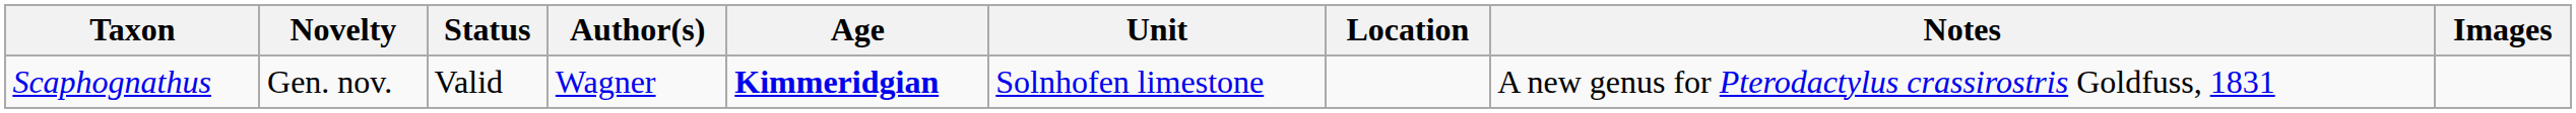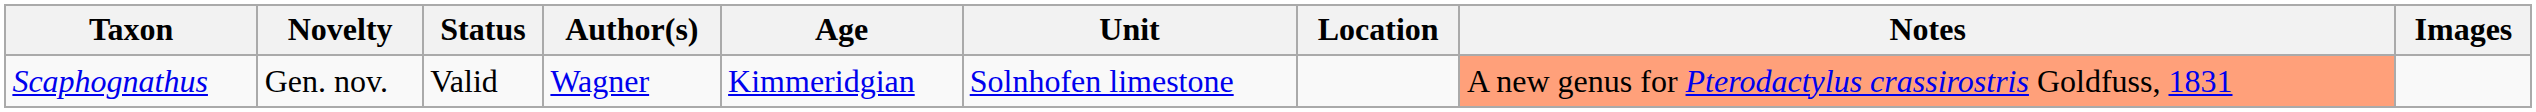 <table class="wikitable sortable" align="center" width="100%">
 <tr>
 <th>Taxon</th>
 <th>Novelty</th>
 <th>Status</th>
 <th>Author(s)</th>
 <th>Age</th>
 <th>Unit</th>
 <th>Location</th>
 <th>Notes</th>
 <th>Images</th>
 </tr>
 <tr>
 <td><em><a href='#'>Scaphognathus</a></em></td>
 <td>Gen. nov.</td>
 <td>Valid</td>
 <td><a href='#'>Wagner</a></td>
-<td><strong><a href='#'>Kimmeridgian</a></strong></td>
+<td><a href='#'>Kimmeridgian</a></td>
 <td><a href='#'>Solnhofen limestone</a></td>
 <td></td>
-<td>A new genus for <em><a href='#'>Pterodactylus crassirostris</a></em> Goldfuss, <a href='#'>1831</a></td>
+<td style="background: lightsalmon;">A new genus for <em><a href='#'>Pterodactylus crassirostris</a></em> Goldfuss, <a href='#'>1831</a></td>
 <td></td>
 </tr>
 <tr>
 </tr>
 </table>
